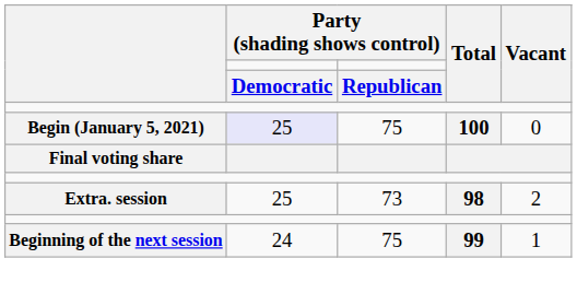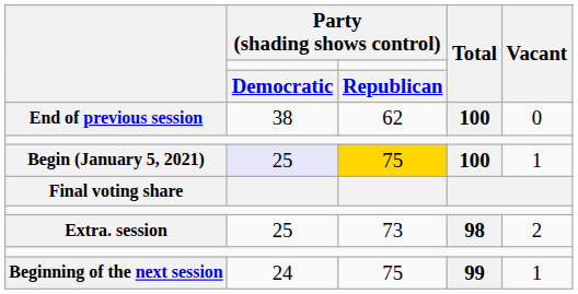 <table class="wikitable" style="text-align:center">
 <tr>
 <th rowspan="3" scope="col"> </th>
 <th colspan="2" scope="col">Party<div>(shading shows control)</div></th>
 <th rowspan="3" scope="col">Total</th>
 <th rowspan="3" scope="col">Vacant</th>
 </tr>
 <tr style="height:5px">
 <td style="background-color:"></td>
 <td style="background-color:"></td>
 </tr>
 <tr>
 <th scope="col"><a href='#'>Democratic</a></th>
 <th scope="col"><a href='#'>Republican</a></th>
 </tr>
 <tr>
+<th scope="row" style="font-size:85%">End of <a href='#'>previous session</a></th>
+<td>38</td>
+<td>62</td>
+<th>100</th>
+<td>0</td>
+</tr>
+<tr>
 <td colspan="5"></td>
 </tr>
 <tr>
 <th scope="row" style="font-size:85%">Begin (January 5, 2021)</th>
 <td style="background: lavender;">25</td>
-<td>75</td>
+<td style="background: gold;">75</td>
 <th>100</th>
-<td>0</td>
+<td>1</td>
 </tr>
 <tr>
 <th scope="row" style="font-size:85%">Final voting share</th>
 <th></th>
 <th></th>
 <th colspan="2"></th>
 </tr>
 <tr>
 <td colspan="5"></td>
 </tr>
 <tr>
 <th scope="row" style="font-size:85%">Extra. session</th>
 <td>25</td>
 <td>73</td>
 <th>98</th>
 <td>2</td>
 </tr>
 <tr>
 <td colspan="5"></td>
 </tr>
 <tr>
 <th scope="row" style="font-size:85%">Beginning of the <a href='#'>next session</a></th>
 <td>24</td>
 <td>75</td>
 <th>99</th>
 <td>1</td>
 </tr>
 </table>
